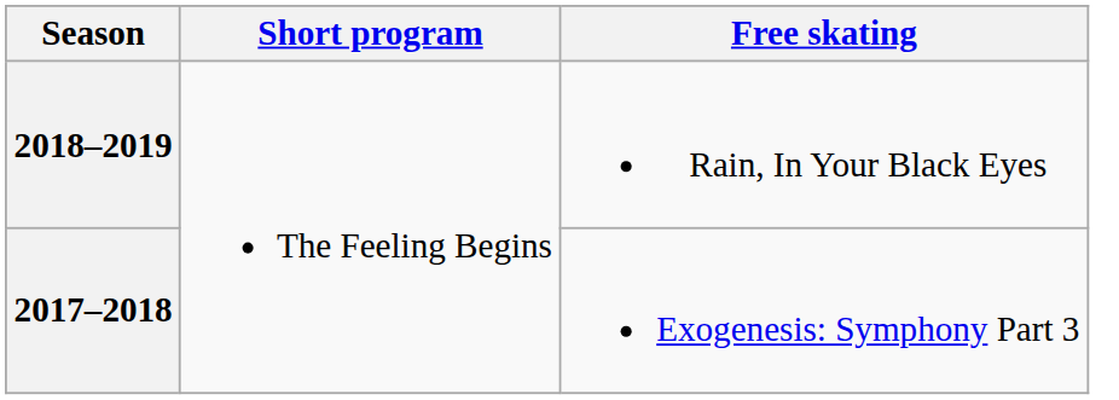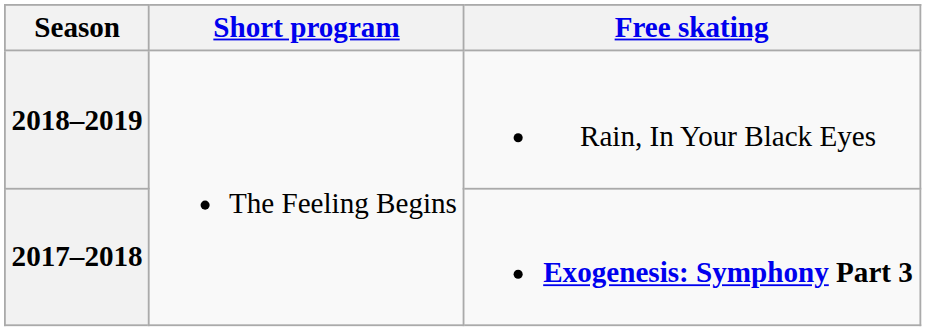 <table class=wikitable style=text-align:center>
 <tr>
 <th>Season</th>
 <th><a href='#'>Short program</a></th>
 <th><a href='#'>Free skating</a></th>
 </tr>
 <tr>
 <th>2018–2019 <br> </th>
 <td rowspan=2><br><ul><li>The Feeling Begins <br> </li></ul></td>
 <td><br><ul><li>Rain, In Your Black Eyes <br> </li></ul></td>
 </tr>
 <tr>
 <th>2017–2018 <br> </th>
-<td><br><ul><li><a href='#'>Exogenesis: Symphony</a> Part 3 <br> </li></ul></td>
+<td><strong><br><ul><li><a href='#'>Exogenesis: Symphony</a> Part 3 <br> </li></ul></strong></td>
 </tr>
 </table>
